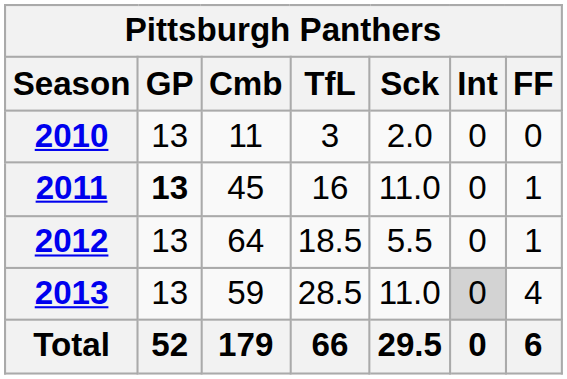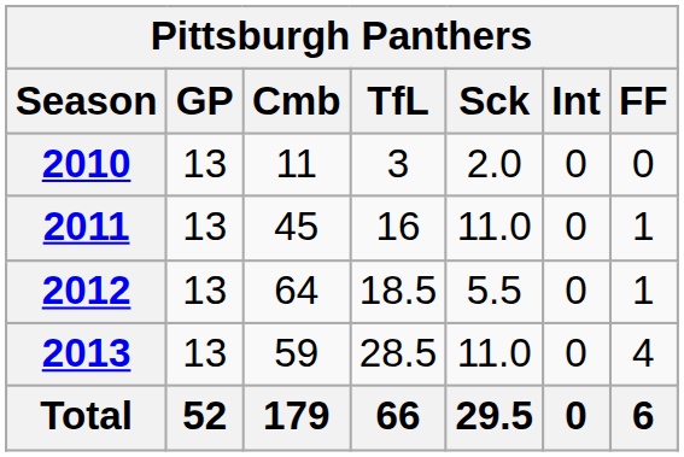 <table class="wikitable" style="text-align:center;">
 <tr>
 <th colspan="7">Pittsburgh Panthers</th>
 </tr>
 <tr>
 <th>Season</th>
 <th>GP</th>
 <th>Cmb</th>
 <th>TfL</th>
 <th>Sck</th>
 <th>Int</th>
 <th>FF</th>
 </tr>
 <tr>
 <th><a href='#'>2010</a></th>
 <td>13</td>
 <td>11</td>
 <td>3</td>
 <td>2.0</td>
 <td>0</td>
 <td>0</td>
 </tr>
 <tr>
 <th><a href='#'>2011</a></th>
-<td><strong>13</strong></td>
+<td>13</td>
 <td>45</td>
 <td>16</td>
 <td>11.0</td>
 <td>0</td>
 <td>1</td>
 </tr>
 <tr>
 <th><a href='#'>2012</a></th>
 <td>13</td>
 <td>64</td>
 <td>18.5</td>
 <td>5.5</td>
 <td>0</td>
 <td>1</td>
 </tr>
 <tr>
 <th><a href='#'>2013</a></th>
 <td>13</td>
 <td>59</td>
 <td>28.5</td>
 <td>11.0</td>
-<td style="background: lightgrey;">0</td>
+<td>0</td>
 <td>4</td>
 </tr>
 <tr>
 <th>Total</th>
 <th>52</th>
 <th>179</th>
 <th>66</th>
 <th>29.5</th>
 <th>0</th>
 <th>6</th>
 </tr>
 </table>
